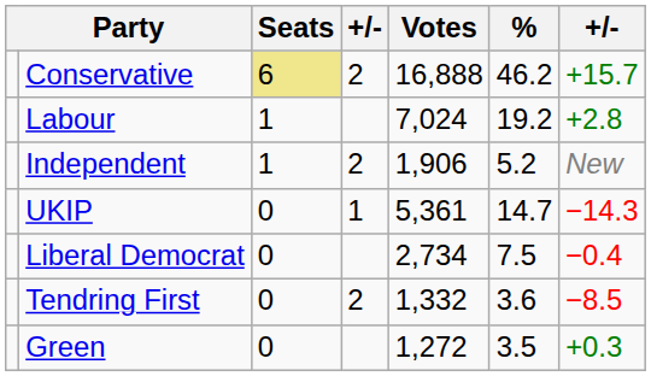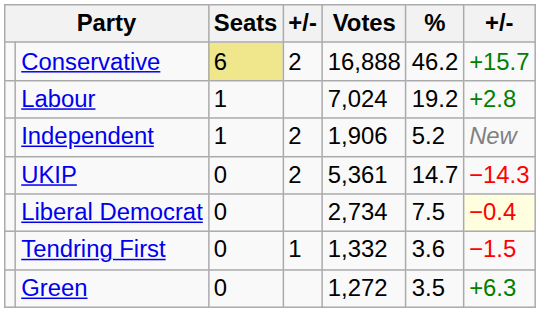 <table class="wikitable sortable">
 <tr>
 <th colspan="2">Party</th>
 <th>Seats</th>
 <th>+/-</th>
 <th>Votes</th>
 <th>%</th>
 <th>+/-</th>
 </tr>
 <tr>
 <td style="background-color: "></td>
 <td><a href='#'>Conservative</a></td>
 <td style="background: khaki;">6</td>
 <td> 2</td>
 <td>16,888</td>
 <td>46.2</td>
 <td style="color:green">+15.7</td>
 </tr>
 <tr>
 <td style="background-color: "></td>
 <td><a href='#'>Labour</a></td>
 <td>1</td>
 <td></td>
 <td>7,024</td>
 <td>19.2</td>
 <td style="color:green">+2.8</td>
 </tr>
 <tr>
 <td style="background-color: "></td>
 <td><a href='#'>Independent</a></td>
 <td>1</td>
 <td> 2</td>
 <td>1,906</td>
 <td>5.2</td>
 <td style="color:grey"><em>New</em></td>
 </tr>
 <tr>
 <td style="background-color: "></td>
 <td><a href='#'>UKIP</a></td>
 <td>0</td>
-<td> 1</td>
+<td> 2</td>
 <td>5,361</td>
 <td>14.7</td>
 <td style="color:red">−14.3</td>
 </tr>
 <tr>
 <td style="background-color: "></td>
 <td><a href='#'>Liberal Democrat</a></td>
 <td>0</td>
 <td></td>
 <td>2,734</td>
 <td>7.5</td>
-<td style="color:red">−0.4</td>
+<td style="background: lightyellow; color:red">−0.4</td>
 </tr>
 <tr>
 <td style="background-color: "></td>
 <td><a href='#'>Tendring First</a></td>
 <td>0</td>
-<td> 2</td>
+<td> 1</td>
 <td>1,332</td>
 <td>3.6</td>
-<td style="color:red">−8.5</td>
+<td style="color:red">−1.5</td>
 </tr>
 <tr>
 <td style="background-color: "></td>
 <td><a href='#'>Green</a></td>
 <td>0</td>
 <td></td>
 <td>1,272</td>
 <td>3.5</td>
-<td style="color:green">+0.3</td>
+<td style="color:green">+6.3</td>
 </tr>
 </table>
